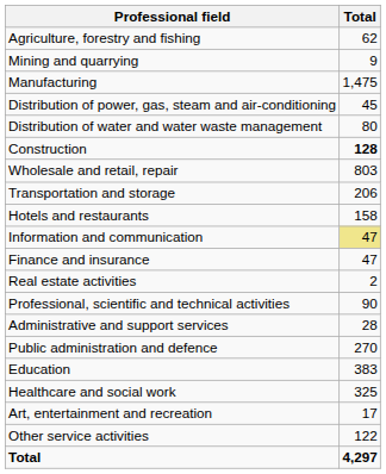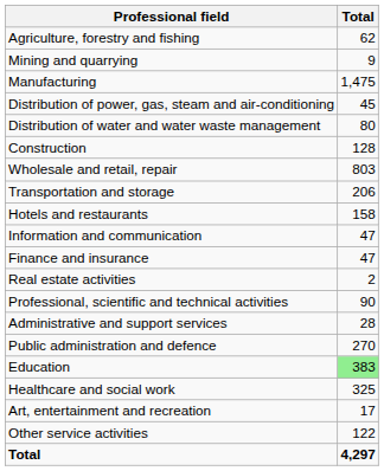 <table class="wikitable sortable" style="font-size:95%;">
 <tr>
 <th>Professional field</th>
 <th>Total</th>
 </tr>
 <tr>
 <td>Agriculture, forestry and fishing</td>
 <td align="right">62</td>
 </tr>
 <tr>
 <td>Mining and quarrying</td>
 <td align="right">9</td>
 </tr>
 <tr>
 <td>Manufacturing</td>
 <td align="right">1,475</td>
 </tr>
 <tr>
 <td>Distribution of power, gas, steam and air-conditioning</td>
 <td align="right">45</td>
 </tr>
 <tr>
 <td>Distribution of water and water waste management</td>
 <td align="right">80</td>
 </tr>
 <tr>
 <td>Construction</td>
-<td align="right"><strong>128</strong></td>
+<td align="right">128</td>
 </tr>
 <tr>
 <td>Wholesale and retail, repair</td>
 <td align="right">803</td>
 </tr>
 <tr>
 <td>Transportation and storage</td>
 <td align="right">206</td>
 </tr>
 <tr>
 <td>Hotels and restaurants</td>
 <td align="right">158</td>
 </tr>
 <tr>
 <td>Information and communication</td>
-<td align="right" style="background: khaki;">47</td>
+<td align="right">47</td>
 </tr>
 <tr>
 <td>Finance and insurance</td>
 <td align="right">47</td>
 </tr>
 <tr>
 <td>Real estate activities</td>
 <td align="right">2</td>
 </tr>
 <tr>
 <td>Professional, scientific and technical activities</td>
 <td align="right">90</td>
 </tr>
 <tr>
 <td>Administrative and support services</td>
 <td align="right">28</td>
 </tr>
 <tr>
 <td>Public administration and defence</td>
 <td align="right">270</td>
 </tr>
 <tr>
 <td>Education</td>
-<td align="right">383</td>
+<td align="right" style="background: lightgreen;">383</td>
 </tr>
 <tr>
 <td>Healthcare and social work</td>
 <td align="right">325</td>
 </tr>
 <tr>
 <td>Art, entertainment and recreation</td>
 <td align="right">17</td>
 </tr>
 <tr>
 <td>Other service activities</td>
 <td align="right">122</td>
 </tr>
 <tr class="sortbottom">
 <td><strong>Total</strong></td>
 <td align="right"><strong>4,297</strong></td>
 </tr>
 </table>
